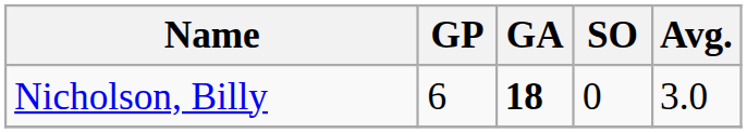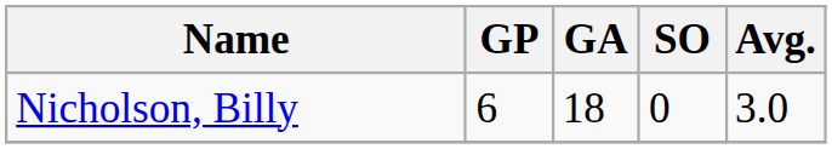 <table class="wikitable">
 <tr>
 <th width=165>Name</th>
 <th width=25>GP</th>
 <th width=25>GA</th>
 <th width=25>SO</th>
 <th width=25>Avg.</th>
 </tr>
 <tr>
 <td><a href='#'>Nicholson, Billy</a></td>
 <td>6</td>
-<td><strong>18</strong></td>
+<td>18</td>
 <td>0</td>
 <td>3.0</td>
 </tr>
 <tr>
 </tr>
 </table>
